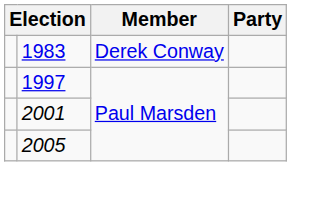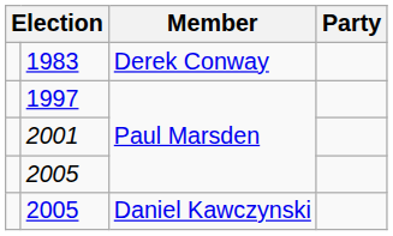 <table class="wikitable">
 <tr>
 <th colspan="2">Election</th>
 <th>Member</th>
 <th>Party</th>
 </tr>
 <tr>
 <td style="color:inherit;background-color: "></td>
 <td><a href='#'>1983</a></td>
 <td><a href='#'>Derek Conway</a></td>
 <td></td>
 </tr>
 <tr>
 <td style="color:inherit;background-color: "></td>
 <td><a href='#'>1997</a></td>
 <td rowspan="3"><a href='#'>Paul Marsden</a></td>
 <td></td>
 </tr>
 <tr>
 <td style="color:inherit;background-color: "></td>
 <td><em>2001</em></td>
 <td></td>
 </tr>
 <tr>
 <td style="color:inherit;background-color: "></td>
 <td><em>2005</em></td>
 <td></td>
 </tr>
+<tr>
+<td style="color:inherit;background-color: "></td>
+<td><a href='#'>2005</a></td>
+<td><a href='#'>Daniel Kawczynski</a></td>
+<td></td>
+</tr>
 </table>
